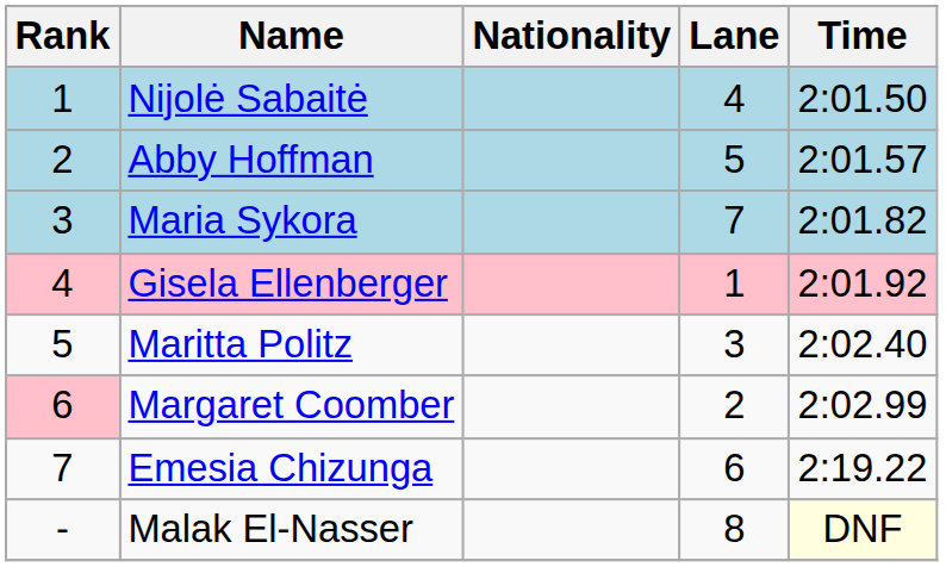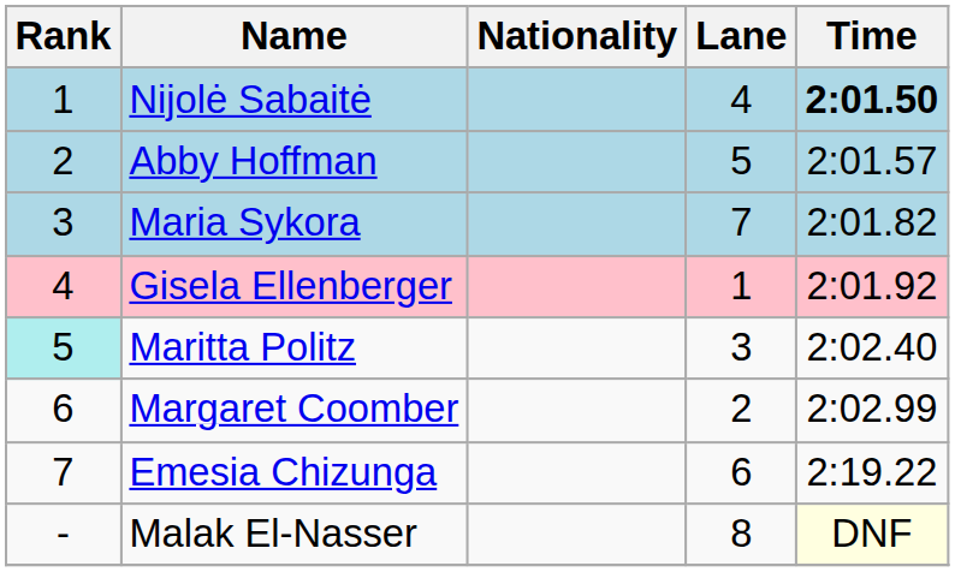 <table class="wikitable sortable" style="text-align:center">
 <tr>
 <th>Rank</th>
 <th>Name</th>
 <th>Nationality</th>
 <th>Lane</th>
 <th>Time</th>
 </tr>
 <tr bgcolor=lightblue>
 <td>1</td>
 <td align=left><a href='#'>Nijolė Sabaitė</a></td>
 <td align=left></td>
 <td>4</td>
-<td>2:01.50</td>
+<td><strong>2:01.50</strong></td>
 </tr>
 <tr bgcolor=lightblue>
 <td>2</td>
 <td align=left><a href='#'>Abby Hoffman</a></td>
 <td align=left></td>
 <td>5</td>
 <td>2:01.57</td>
 </tr>
 <tr bgcolor=lightblue>
 <td>3</td>
 <td align=left><a href='#'>Maria Sykora</a></td>
 <td align=left></td>
 <td>7</td>
 <td>2:01.82</td>
 </tr>
 <tr bgcolor=pink>
 <td>4</td>
 <td align=left><a href='#'>Gisela Ellenberger</a></td>
 <td align=left></td>
 <td>1</td>
 <td>2:01.92</td>
 </tr>
 <tr>
-<td>5</td>
+<td style="background: paleturquoise;">5</td>
 <td align=left><a href='#'>Maritta Politz</a></td>
 <td align=left></td>
 <td>3</td>
 <td>2:02.40</td>
 </tr>
 <tr>
-<td style="background: pink;">6</td>
+<td>6</td>
 <td align=left><a href='#'>Margaret Coomber</a></td>
 <td align=left></td>
 <td>2</td>
 <td>2:02.99</td>
 </tr>
 <tr>
 <td>7</td>
 <td align=left><a href='#'>Emesia Chizunga</a></td>
 <td align=left></td>
 <td>6</td>
 <td>2:19.22</td>
 </tr>
 <tr>
 <td>-</td>
 <td align=left>Malak El-Nasser</td>
 <td align=left></td>
 <td>8</td>
 <td style="background: lightyellow;">DNF</td>
 </tr>
 <tr>
 </tr>
 </table>
